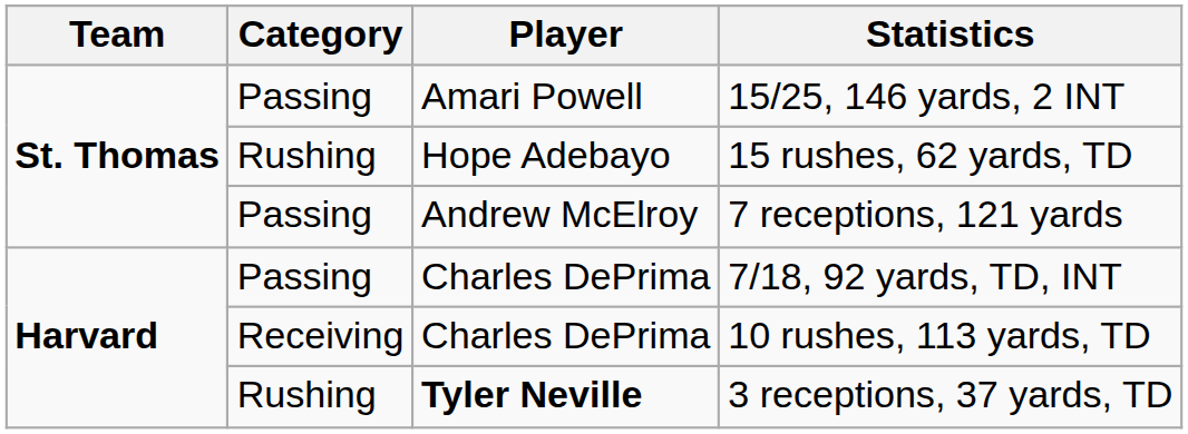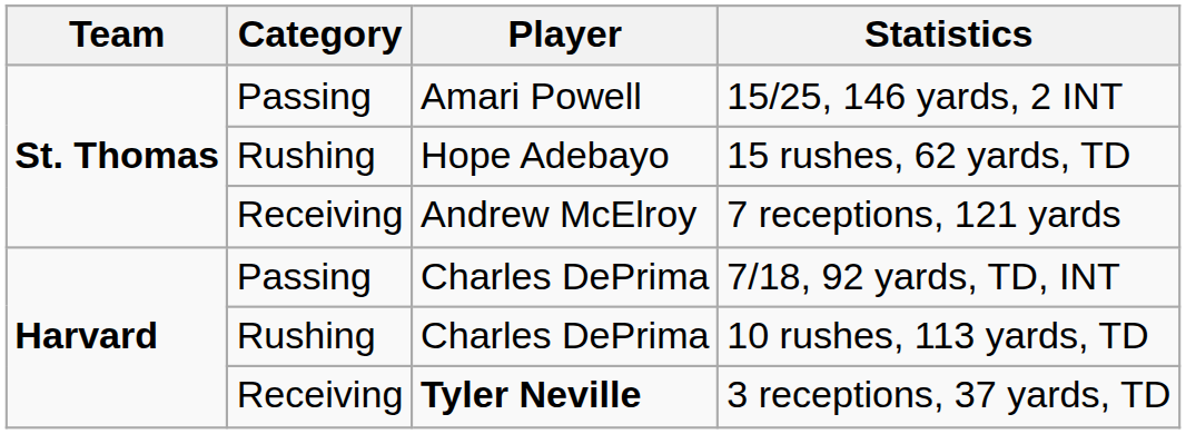 <table class="wikitable" style="float: right;">
 <tr>
 <th>Team</th>
 <th>Category</th>
 <th>Player</th>
 <th>Statistics</th>
 </tr>
 <tr>
 <td rowspan=3><strong>St. Thomas</strong></td>
 <td>Passing</td>
 <td>Amari Powell</td>
 <td>15/25, 146 yards, 2 INT</td>
 </tr>
 <tr>
 <td>Rushing</td>
 <td>Hope Adebayo</td>
 <td>15 rushes, 62 yards, TD</td>
 </tr>
 <tr>
-<td>Passing</td>
+<td>Receiving</td>
 <td>Andrew McElroy</td>
 <td>7 receptions, 121 yards</td>
 </tr>
 <tr>
 <td rowspan=3><strong>Harvard</strong></td>
 <td>Passing</td>
 <td>Charles DePrima</td>
 <td>7/18, 92 yards, TD, INT</td>
 </tr>
 <tr>
-<td>Receiving</td>
+<td>Rushing</td>
 <td>Charles DePrima</td>
 <td>10 rushes, 113 yards, TD</td>
 </tr>
 <tr>
-<td>Rushing</td>
+<td>Receiving</td>
 <td><strong>Tyler Neville</strong></td>
 <td>3 receptions, 37 yards, TD</td>
 </tr>
 </table>
